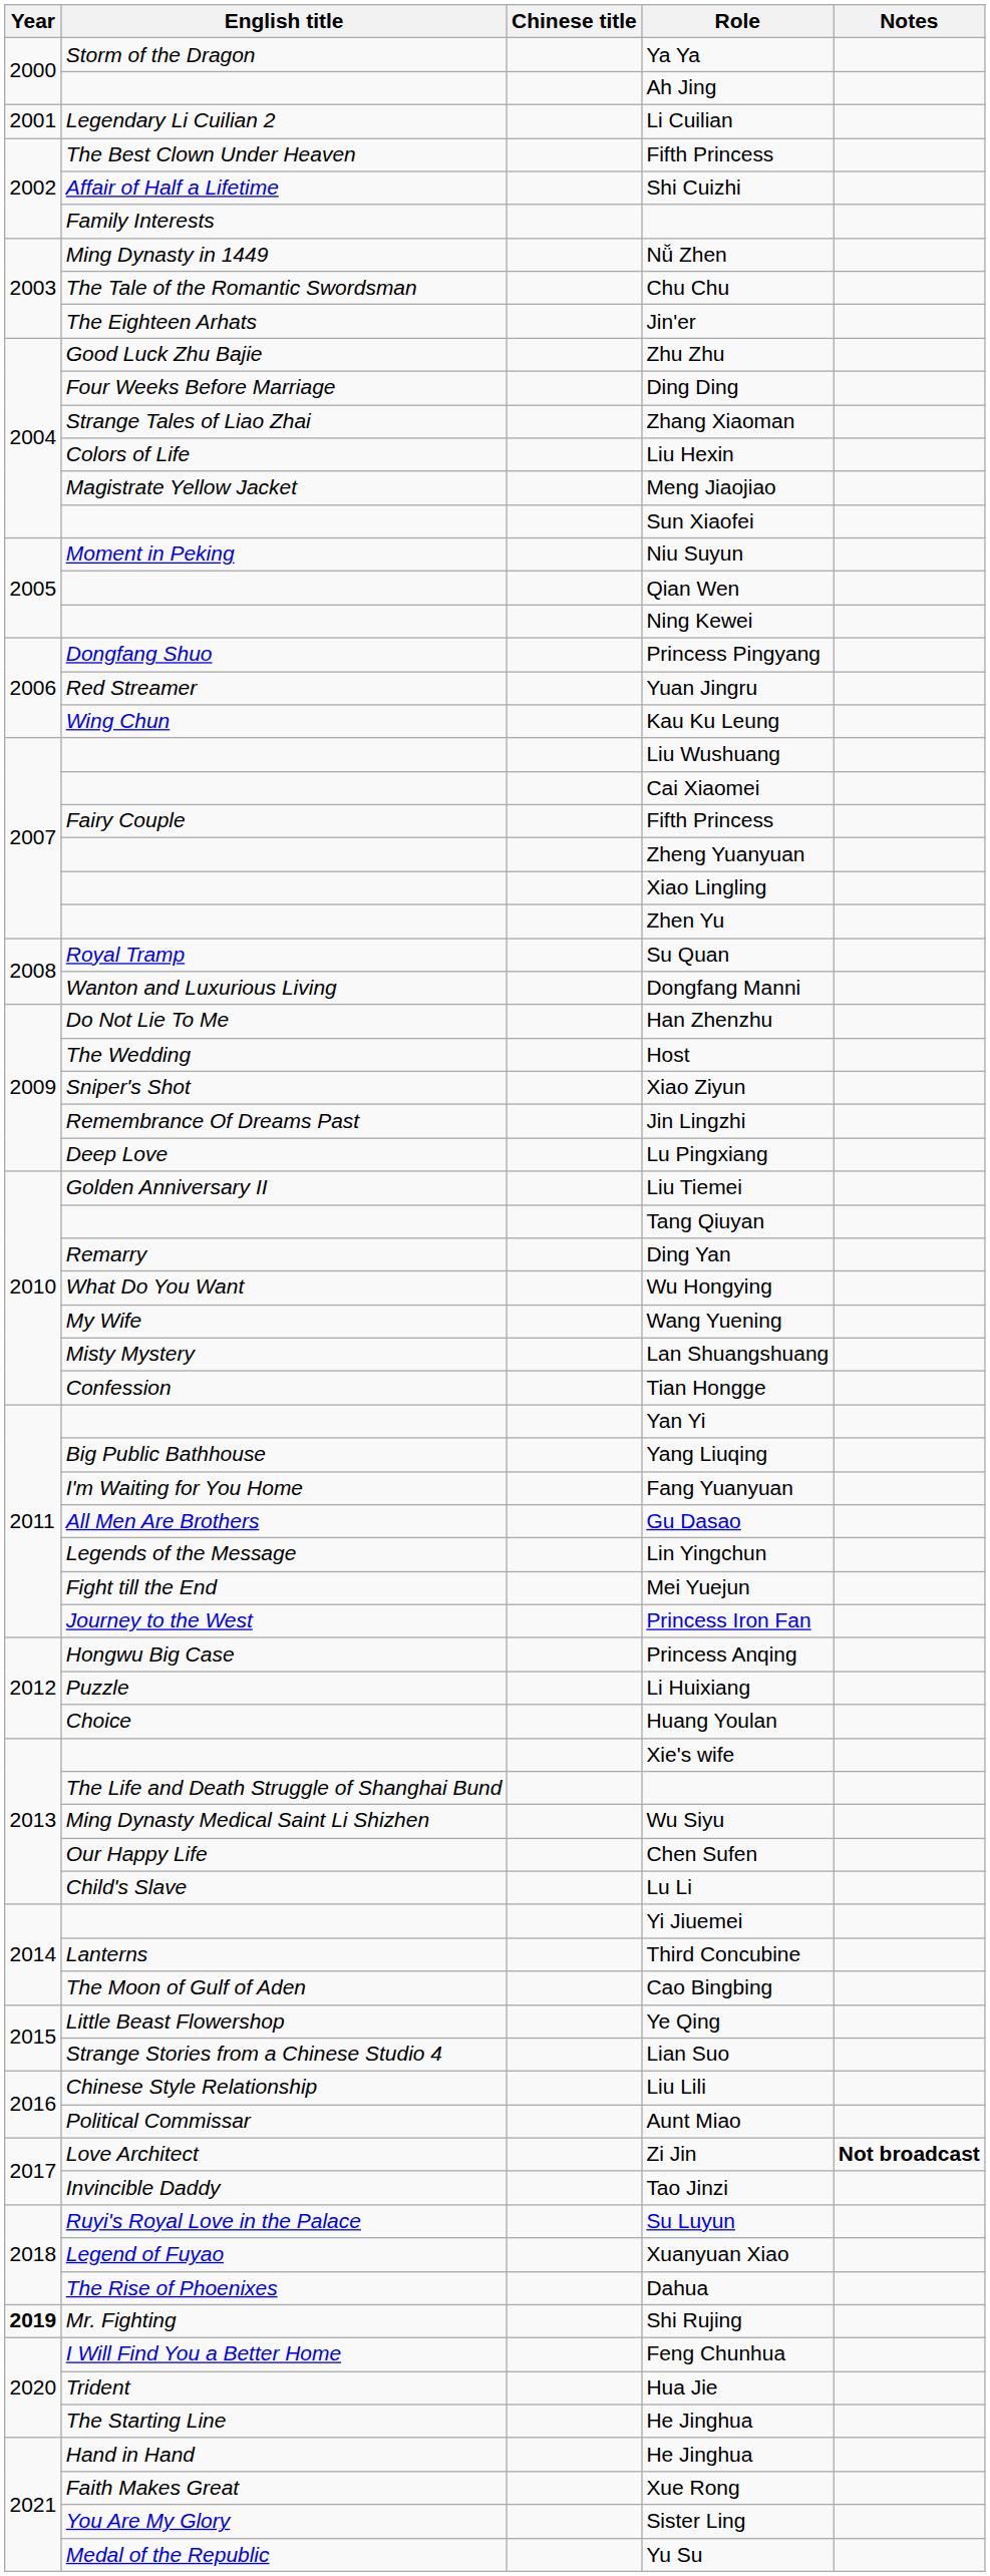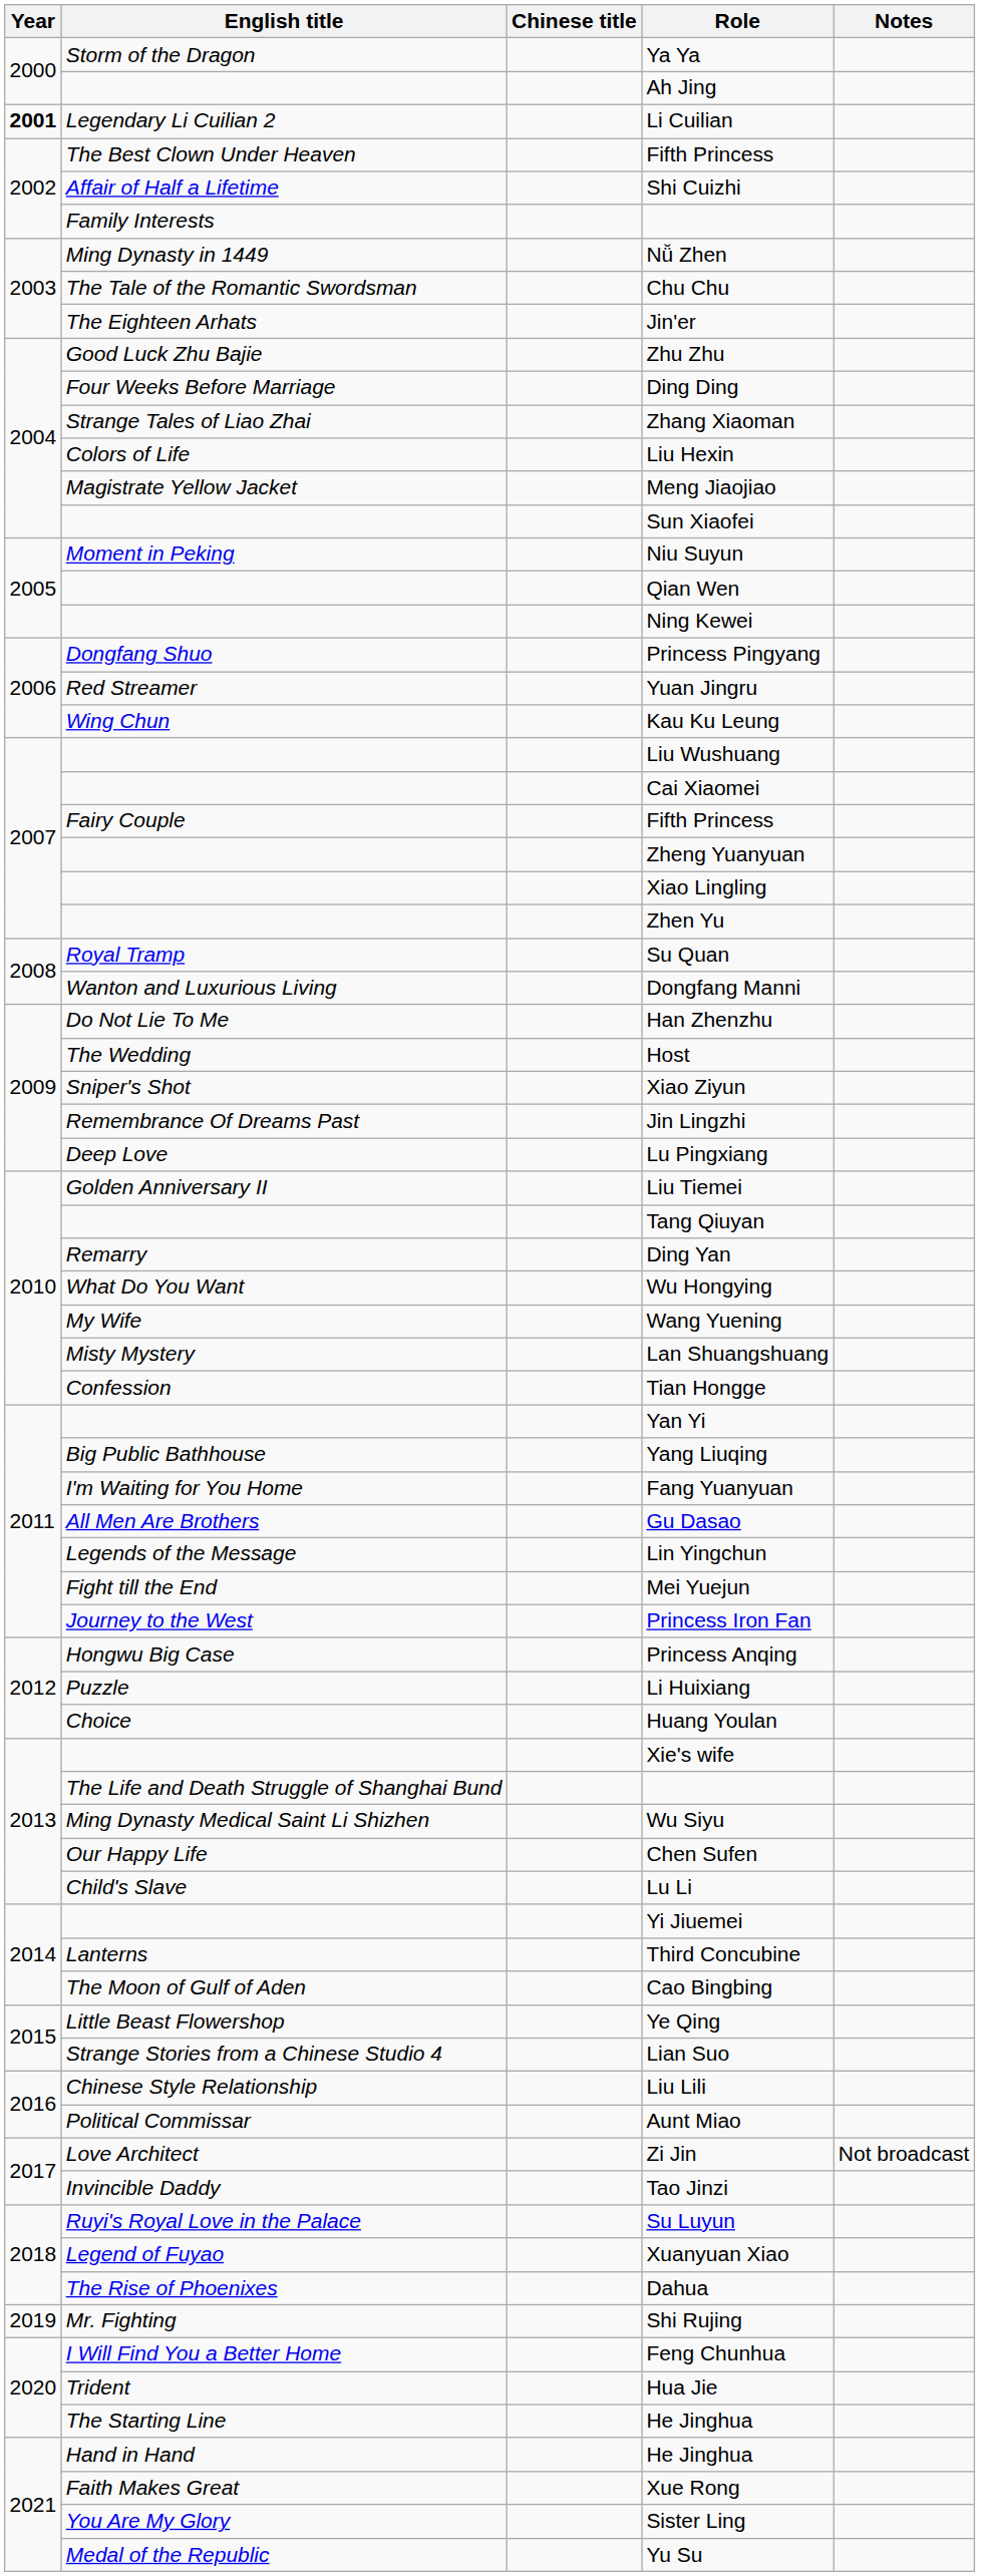 <table class="wikitable">
 <tr>
 <th>Year</th>
 <th>English title</th>
 <th>Chinese title</th>
 <th>Role</th>
 <th>Notes</th>
 </tr>
 <tr>
 <td rowspan=2>2000</td>
 <td><em>Storm of the Dragon</em></td>
 <td></td>
 <td>Ya Ya</td>
 <td></td>
 </tr>
 <tr>
 <td></td>
 <td></td>
 <td>Ah Jing</td>
 <td></td>
 </tr>
 <tr>
-<td>2001</td>
+<td><strong>2001</strong></td>
 <td><em>Legendary Li Cuilian 2</em></td>
 <td></td>
 <td>Li Cuilian</td>
 <td></td>
 </tr>
 <tr>
 <td rowspan=3>2002</td>
 <td><em>The Best Clown Under Heaven</em></td>
 <td></td>
 <td>Fifth Princess</td>
 <td></td>
 </tr>
 <tr>
 <td><em><a href='#'>Affair of Half a Lifetime</a></em></td>
 <td></td>
 <td>Shi Cuizhi</td>
 <td></td>
 </tr>
 <tr>
 <td><em>Family Interests</em></td>
 <td></td>
 <td></td>
 <td></td>
 </tr>
 <tr>
 <td rowspan=3>2003</td>
 <td><em>Ming Dynasty in 1449</em></td>
 <td></td>
 <td>Nǚ Zhen</td>
 <td></td>
 </tr>
 <tr>
 <td><em>The Tale of the Romantic Swordsman</em></td>
 <td></td>
 <td>Chu Chu</td>
 <td></td>
 </tr>
 <tr>
 <td><em>The Eighteen Arhats</em></td>
 <td></td>
 <td>Jin'er</td>
 <td></td>
 </tr>
 <tr>
 <td rowspan=6>2004</td>
 <td><em>Good Luck Zhu Bajie</em></td>
 <td></td>
 <td>Zhu Zhu</td>
 <td></td>
 </tr>
 <tr>
 <td><em>Four Weeks Before Marriage</em></td>
 <td></td>
 <td>Ding Ding</td>
 <td></td>
 </tr>
 <tr>
 <td><em>Strange Tales of Liao Zhai</em></td>
 <td></td>
 <td>Zhang Xiaoman</td>
 <td></td>
 </tr>
 <tr>
 <td><em>Colors of Life</em></td>
 <td></td>
 <td>Liu Hexin</td>
 <td></td>
 </tr>
 <tr>
 <td><em>Magistrate Yellow Jacket</em></td>
 <td></td>
 <td>Meng Jiaojiao</td>
 <td></td>
 </tr>
 <tr>
 <td></td>
 <td></td>
 <td>Sun Xiaofei</td>
 <td></td>
 </tr>
 <tr>
 <td rowspan=3>2005</td>
 <td><em><a href='#'>Moment in Peking</a></em></td>
 <td></td>
 <td>Niu Suyun</td>
 <td></td>
 </tr>
 <tr>
 <td></td>
 <td></td>
 <td>Qian Wen</td>
 <td></td>
 </tr>
 <tr>
 <td></td>
 <td></td>
 <td>Ning Kewei</td>
 <td></td>
 </tr>
 <tr>
 <td rowspan=3>2006</td>
 <td><em><a href='#'>Dongfang Shuo</a></em></td>
 <td></td>
 <td>Princess Pingyang</td>
 <td></td>
 </tr>
 <tr>
 <td><em>Red Streamer</em></td>
 <td></td>
 <td>Yuan Jingru</td>
 <td></td>
 </tr>
 <tr>
 <td><em><a href='#'>Wing Chun</a></em></td>
 <td></td>
 <td>Kau Ku Leung</td>
 <td></td>
 </tr>
 <tr>
 <td rowspan=6>2007</td>
 <td></td>
 <td></td>
 <td>Liu Wushuang</td>
 <td></td>
 </tr>
 <tr>
 <td></td>
 <td></td>
 <td>Cai Xiaomei</td>
 <td></td>
 </tr>
 <tr>
 <td><em>Fairy Couple</em></td>
 <td></td>
 <td>Fifth Princess</td>
 <td></td>
 </tr>
 <tr>
 <td></td>
 <td></td>
 <td>Zheng Yuanyuan</td>
 <td></td>
 </tr>
 <tr>
 <td></td>
 <td></td>
 <td>Xiao Lingling</td>
 <td></td>
 </tr>
 <tr>
 <td></td>
 <td></td>
 <td>Zhen Yu</td>
 <td></td>
 </tr>
 <tr>
 <td rowspan=2>2008</td>
 <td><em><a href='#'>Royal Tramp</a></em></td>
 <td></td>
 <td>Su Quan</td>
 <td></td>
 </tr>
 <tr>
 <td><em>Wanton and Luxurious Living</em></td>
 <td></td>
 <td>Dongfang Manni</td>
 <td></td>
 </tr>
 <tr>
 <td rowspan=5>2009</td>
 <td><em>Do Not Lie To Me</em></td>
 <td></td>
 <td>Han Zhenzhu</td>
 <td></td>
 </tr>
 <tr>
 <td><em>The Wedding</em></td>
 <td></td>
 <td>Host</td>
 <td></td>
 </tr>
 <tr>
 <td><em>Sniper's Shot</em></td>
 <td></td>
 <td>Xiao Ziyun</td>
 <td></td>
 </tr>
 <tr>
 <td><em>Remembrance Of Dreams Past</em></td>
 <td></td>
 <td>Jin Lingzhi</td>
 <td></td>
 </tr>
 <tr>
 <td><em>Deep Love</em></td>
 <td></td>
 <td>Lu Pingxiang</td>
 <td></td>
 </tr>
 <tr>
 <td rowspan=7>2010</td>
 <td><em>Golden Anniversary II</em></td>
 <td></td>
 <td>Liu Tiemei</td>
 <td></td>
 </tr>
 <tr>
 <td></td>
 <td></td>
 <td>Tang Qiuyan</td>
 <td></td>
 </tr>
 <tr>
 <td><em>Remarry</em></td>
 <td></td>
 <td>Ding Yan</td>
 <td></td>
 </tr>
 <tr>
 <td><em>What Do You Want</em></td>
 <td></td>
 <td>Wu Hongying</td>
 <td></td>
 </tr>
 <tr>
 <td><em>My Wife</em></td>
 <td></td>
 <td>Wang Yuening</td>
 <td></td>
 </tr>
 <tr>
 <td><em>Misty Mystery</em></td>
 <td></td>
 <td>Lan Shuangshuang</td>
 <td></td>
 </tr>
 <tr>
 <td><em>Confession</em></td>
 <td></td>
 <td>Tian Hongge</td>
 <td></td>
 </tr>
 <tr>
 <td rowspan=7>2011</td>
 <td></td>
 <td></td>
 <td>Yan Yi</td>
 <td></td>
 </tr>
 <tr>
 <td><em>Big Public Bathhouse</em></td>
 <td></td>
 <td>Yang Liuqing</td>
 <td></td>
 </tr>
 <tr>
 <td><em>I'm Waiting for You Home</em></td>
 <td></td>
 <td>Fang Yuanyuan</td>
 <td></td>
 </tr>
 <tr>
 <td><em><a href='#'>All Men Are Brothers</a></em></td>
 <td></td>
 <td><a href='#'>Gu Dasao</a></td>
 <td></td>
 </tr>
 <tr>
 <td><em>Legends of the Message</em></td>
 <td></td>
 <td>Lin Yingchun</td>
 <td></td>
 </tr>
 <tr>
 <td><em>Fight till the End</em></td>
 <td></td>
 <td>Mei Yuejun</td>
 <td></td>
 </tr>
 <tr>
 <td><em><a href='#'>Journey to the West</a></em></td>
 <td></td>
 <td><a href='#'>Princess Iron Fan</a></td>
 <td></td>
 </tr>
 <tr>
 <td rowspan=3>2012</td>
 <td><em>Hongwu Big Case</em></td>
 <td></td>
 <td>Princess Anqing</td>
 <td></td>
 </tr>
 <tr>
 <td><em>Puzzle</em></td>
 <td></td>
 <td>Li Huixiang</td>
 <td></td>
 </tr>
 <tr>
 <td><em>Choice</em></td>
 <td></td>
 <td>Huang Youlan</td>
 <td></td>
 </tr>
 <tr>
 <td rowspan=5>2013</td>
 <td></td>
 <td></td>
 <td>Xie's wife</td>
 <td></td>
 </tr>
 <tr>
 <td><em>The Life and Death Struggle of Shanghai Bund</em></td>
 <td></td>
 <td></td>
 <td></td>
 </tr>
 <tr>
 <td><em>Ming Dynasty Medical Saint Li Shizhen</em></td>
 <td></td>
 <td>Wu Siyu</td>
 <td></td>
 </tr>
 <tr>
 <td><em>Our Happy Life</em></td>
 <td></td>
 <td>Chen Sufen</td>
 <td></td>
 </tr>
 <tr>
 <td><em>Child's Slave</em></td>
 <td></td>
 <td>Lu Li</td>
 <td></td>
 </tr>
 <tr>
 <td rowspan=3>2014</td>
 <td></td>
 <td></td>
 <td>Yi Jiuemei</td>
 <td></td>
 </tr>
 <tr>
 <td><em>Lanterns</em></td>
 <td></td>
 <td>Third Concubine</td>
 <td></td>
 </tr>
 <tr>
 <td><em>The Moon of Gulf of Aden</em></td>
 <td></td>
 <td>Cao Bingbing</td>
 <td></td>
 </tr>
 <tr>
 <td rowspan=2>2015</td>
 <td><em>Little Beast Flowershop</em></td>
 <td></td>
 <td>Ye Qing</td>
 <td></td>
 </tr>
 <tr>
 <td><em>Strange Stories from a Chinese Studio 4</em></td>
 <td></td>
 <td>Lian Suo</td>
 <td></td>
 </tr>
 <tr>
 <td rowspan=2>2016</td>
 <td><em>Chinese Style Relationship</em></td>
 <td></td>
 <td>Liu Lili</td>
 <td></td>
 </tr>
 <tr>
 <td><em>Political Commissar</em></td>
 <td></td>
 <td>Aunt Miao</td>
 <td></td>
 </tr>
 <tr>
 <td rowspan=2>2017</td>
 <td><em>Love Architect</em></td>
 <td></td>
 <td>Zi Jin</td>
-<td><strong>Not broadcast</strong></td>
+<td>Not broadcast</td>
 </tr>
 <tr>
 <td><em>Invincible Daddy</em></td>
 <td></td>
 <td>Tao Jinzi</td>
 <td></td>
 </tr>
 <tr>
 <td rowspan=3>2018</td>
 <td><em><a href='#'>Ruyi's Royal Love in the Palace</a></em></td>
 <td></td>
 <td><a href='#'>Su Luyun</a></td>
 <td></td>
 </tr>
 <tr>
 <td><em><a href='#'>Legend of Fuyao</a></em></td>
 <td></td>
 <td>Xuanyuan Xiao</td>
 <td></td>
 </tr>
 <tr>
 <td><em><a href='#'>The Rise of Phoenixes</a></em></td>
 <td></td>
 <td>Dahua</td>
 <td></td>
 </tr>
 <tr>
-<td><strong>2019</strong></td>
+<td>2019</td>
 <td><em>Mr. Fighting</em></td>
 <td></td>
 <td>Shi Rujing</td>
 <td></td>
 </tr>
 <tr>
 <td rowspan=3>2020</td>
 <td><em><a href='#'>I Will Find You a Better Home</a> </em></td>
 <td></td>
 <td>Feng Chunhua</td>
 <td></td>
 </tr>
 <tr>
 <td><em>Trident </em></td>
 <td></td>
 <td>Hua Jie</td>
 <td></td>
 </tr>
 <tr>
 <td><em>The Starting Line</em></td>
 <td></td>
 <td>He Jinghua</td>
 <td></td>
 </tr>
 <tr>
 <td rowspan="4">2021</td>
 <td><em>Hand in Hand</em></td>
 <td></td>
 <td>He Jinghua</td>
 <td></td>
 </tr>
 <tr>
 <td><em>Faith Makes Great</em></td>
 <td></td>
 <td>Xue Rong</td>
 <td></td>
 </tr>
 <tr>
 <td><em><a href='#'>You Are My Glory</a></em></td>
 <td></td>
 <td>Sister Ling</td>
 <td></td>
 </tr>
 <tr>
 <td><em><a href='#'>Medal of the Republic</a></em></td>
 <td></td>
 <td>Yu Su</td>
 <td></td>
 </tr>
 </table>
